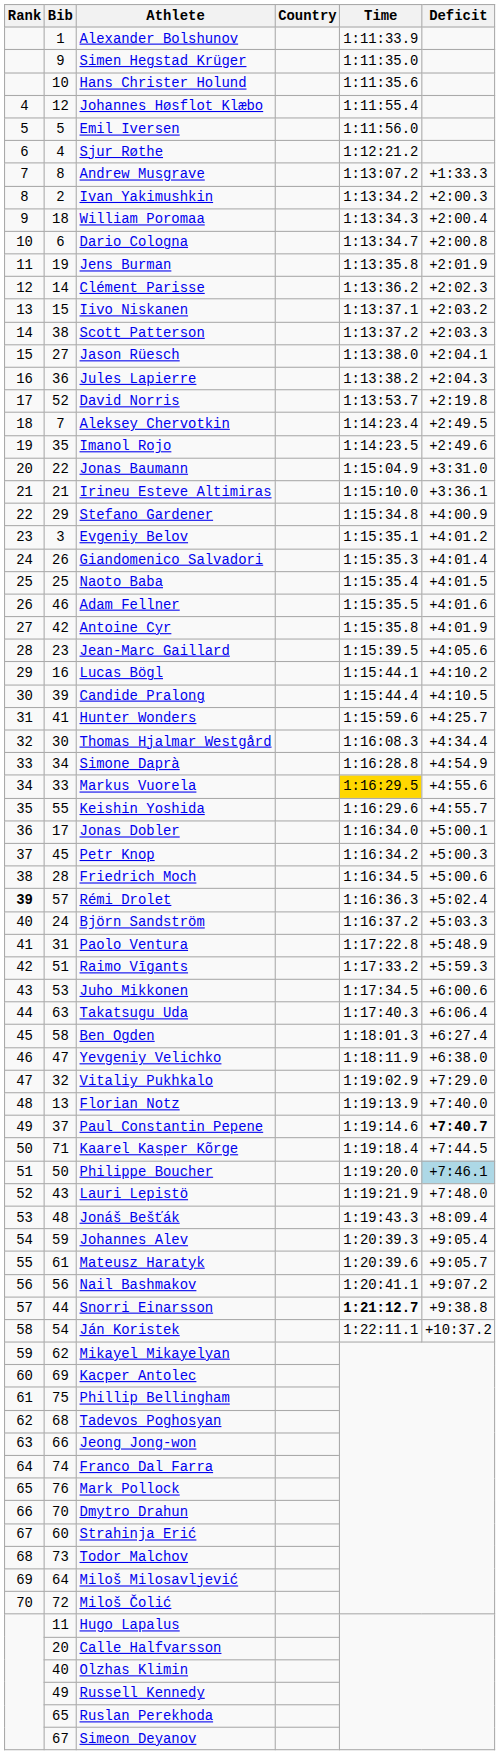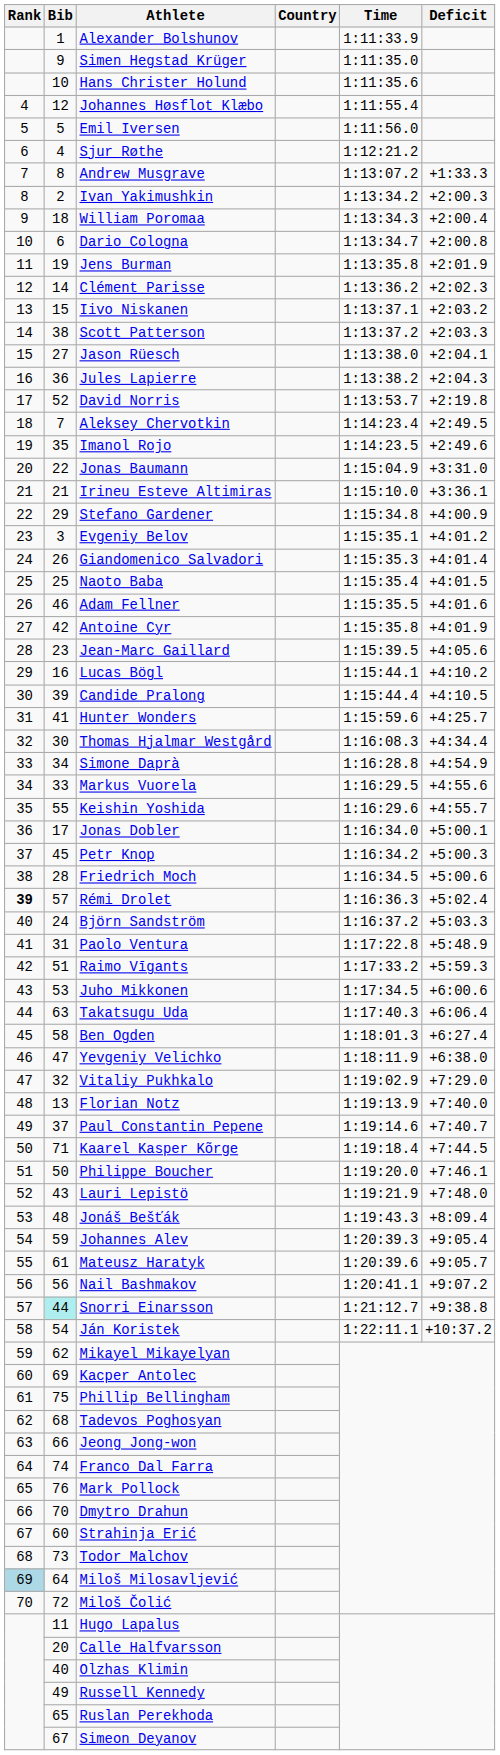 <table class="wikitable sortable" style="text-align:center">
 <tr>
 <th>Rank</th>
 <th>Bib</th>
 <th>Athlete</th>
 <th>Country</th>
 <th>Time</th>
 <th>Deficit</th>
 </tr>
 <tr>
 <td></td>
 <td>1</td>
 <td align=left><a href='#'>Alexander Bolshunov</a></td>
 <td align=left></td>
 <td>1:11:33.9</td>
 <td></td>
 </tr>
 <tr>
 <td></td>
 <td>9</td>
 <td align=left><a href='#'>Simen Hegstad Krüger</a></td>
 <td align=left></td>
 <td>1:11:35.0</td>
 <td></td>
 </tr>
 <tr>
 <td></td>
 <td>10</td>
 <td align=left><a href='#'>Hans Christer Holund</a></td>
 <td align=left></td>
 <td>1:11:35.6</td>
 <td></td>
 </tr>
 <tr>
 <td>4</td>
 <td>12</td>
 <td align=left><a href='#'>Johannes Høsflot Klæbo</a></td>
 <td align=left></td>
 <td>1:11:55.4</td>
 <td></td>
 </tr>
 <tr>
 <td>5</td>
 <td>5</td>
 <td align=left><a href='#'>Emil Iversen</a></td>
 <td align=left></td>
 <td>1:11:56.0</td>
 <td></td>
 </tr>
 <tr>
 <td>6</td>
 <td>4</td>
 <td align=left><a href='#'>Sjur Røthe</a></td>
 <td align=left></td>
 <td>1:12:21.2</td>
 <td></td>
 </tr>
 <tr>
 <td>7</td>
 <td>8</td>
 <td align=left><a href='#'>Andrew Musgrave</a></td>
 <td align=left></td>
 <td>1:13:07.2</td>
 <td>+1:33.3</td>
 </tr>
 <tr>
 <td>8</td>
 <td>2</td>
 <td align=left><a href='#'>Ivan Yakimushkin</a></td>
 <td align=left></td>
 <td>1:13:34.2</td>
 <td>+2:00.3</td>
 </tr>
 <tr>
 <td>9</td>
 <td>18</td>
 <td align=left><a href='#'>William Poromaa</a></td>
 <td align=left></td>
 <td>1:13:34.3</td>
 <td>+2:00.4</td>
 </tr>
 <tr>
 <td>10</td>
 <td>6</td>
 <td align=left><a href='#'>Dario Cologna</a></td>
 <td align=left></td>
 <td>1:13:34.7</td>
 <td>+2:00.8</td>
 </tr>
 <tr>
 <td>11</td>
 <td>19</td>
 <td align=left><a href='#'>Jens Burman</a></td>
 <td align=left></td>
 <td>1:13:35.8</td>
 <td>+2:01.9</td>
 </tr>
 <tr>
 <td>12</td>
 <td>14</td>
 <td align=left><a href='#'>Clément Parisse</a></td>
 <td align=left></td>
 <td>1:13:36.2</td>
 <td>+2:02.3</td>
 </tr>
 <tr>
 <td>13</td>
 <td>15</td>
 <td align=left><a href='#'>Iivo Niskanen</a></td>
 <td align=left></td>
 <td>1:13:37.1</td>
 <td>+2:03.2</td>
 </tr>
 <tr>
 <td>14</td>
 <td>38</td>
 <td align=left><a href='#'>Scott Patterson</a></td>
 <td align=left></td>
 <td>1:13:37.2</td>
 <td>+2:03.3</td>
 </tr>
 <tr>
 <td>15</td>
 <td>27</td>
 <td align=left><a href='#'>Jason Rüesch</a></td>
 <td align=left></td>
 <td>1:13:38.0</td>
 <td>+2:04.1</td>
 </tr>
 <tr>
 <td>16</td>
 <td>36</td>
 <td align=left><a href='#'>Jules Lapierre</a></td>
 <td align=left></td>
 <td>1:13:38.2</td>
 <td>+2:04.3</td>
 </tr>
 <tr>
 <td>17</td>
 <td>52</td>
 <td align=left><a href='#'>David Norris</a></td>
 <td align="left"></td>
 <td>1:13:53.7</td>
 <td>+2:19.8</td>
 </tr>
 <tr>
 <td>18</td>
 <td>7</td>
 <td align=left><a href='#'>Aleksey Chervotkin</a></td>
 <td align=left></td>
 <td>1:14:23.4</td>
 <td>+2:49.5</td>
 </tr>
 <tr>
 <td>19</td>
 <td>35</td>
 <td align=left><a href='#'>Imanol Rojo</a></td>
 <td align=left></td>
 <td>1:14:23.5</td>
 <td>+2:49.6</td>
 </tr>
 <tr>
 <td>20</td>
 <td>22</td>
 <td align=left><a href='#'>Jonas Baumann</a></td>
 <td align=left></td>
 <td>1:15:04.9</td>
 <td>+3:31.0</td>
 </tr>
 <tr>
 <td>21</td>
 <td>21</td>
 <td align=left><a href='#'>Irineu Esteve Altimiras</a></td>
 <td align=left></td>
 <td>1:15:10.0</td>
 <td>+3:36.1</td>
 </tr>
 <tr>
 <td>22</td>
 <td>29</td>
 <td align=left><a href='#'>Stefano Gardener</a></td>
 <td align="left"></td>
 <td>1:15:34.8</td>
 <td>+4:00.9</td>
 </tr>
 <tr>
 <td>23</td>
 <td>3</td>
 <td align=left><a href='#'>Evgeniy Belov</a></td>
 <td align=left></td>
 <td>1:15:35.1</td>
 <td>+4:01.2</td>
 </tr>
 <tr>
 <td>24</td>
 <td>26</td>
 <td align=left><a href='#'>Giandomenico Salvadori</a></td>
 <td align=left></td>
 <td>1:15:35.3</td>
 <td>+4:01.4</td>
 </tr>
 <tr>
 <td>25</td>
 <td>25</td>
 <td align=left><a href='#'>Naoto Baba</a></td>
 <td align=left></td>
 <td>1:15:35.4</td>
 <td>+4:01.5</td>
 </tr>
 <tr>
 <td>26</td>
 <td>46</td>
 <td align=left><a href='#'>Adam Fellner</a></td>
 <td align=left></td>
 <td>1:15:35.5</td>
 <td>+4:01.6</td>
 </tr>
 <tr>
 <td>27</td>
 <td>42</td>
 <td align=left><a href='#'>Antoine Cyr</a></td>
 <td align=left></td>
 <td>1:15:35.8</td>
 <td>+4:01.9</td>
 </tr>
 <tr>
 <td>28</td>
 <td>23</td>
 <td align=left><a href='#'>Jean-Marc Gaillard</a></td>
 <td align=left></td>
 <td>1:15:39.5</td>
 <td>+4:05.6</td>
 </tr>
 <tr>
 <td>29</td>
 <td>16</td>
 <td align=left><a href='#'>Lucas Bögl</a></td>
 <td align=left></td>
 <td>1:15:44.1</td>
 <td>+4:10.2</td>
 </tr>
 <tr>
 <td>30</td>
 <td>39</td>
 <td align=left><a href='#'>Candide Pralong</a></td>
 <td align=left></td>
 <td>1:15:44.4</td>
 <td>+4:10.5</td>
 </tr>
 <tr>
 <td>31</td>
 <td>41</td>
 <td align=left><a href='#'>Hunter Wonders</a></td>
 <td align="left"></td>
 <td>1:15:59.6</td>
 <td>+4:25.7</td>
 </tr>
 <tr>
 <td>32</td>
 <td>30</td>
 <td align=left><a href='#'>Thomas Hjalmar Westgård</a></td>
 <td align=left></td>
 <td>1:16:08.3</td>
 <td>+4:34.4</td>
 </tr>
 <tr>
 <td>33</td>
 <td>34</td>
 <td align=left><a href='#'>Simone Daprà</a></td>
 <td align="left"></td>
 <td>1:16:28.8</td>
 <td>+4:54.9</td>
 </tr>
 <tr>
 <td>34</td>
 <td>33</td>
 <td align=left><a href='#'>Markus Vuorela</a></td>
 <td align="left"></td>
-<td style="background: gold;">1:16:29.5</td>
+<td>1:16:29.5</td>
 <td>+4:55.6</td>
 </tr>
 <tr>
 <td>35</td>
 <td>55</td>
 <td align=left><a href='#'>Keishin Yoshida</a></td>
 <td align=left></td>
 <td>1:16:29.6</td>
 <td>+4:55.7</td>
 </tr>
 <tr>
 <td>36</td>
 <td>17</td>
 <td align=left><a href='#'>Jonas Dobler</a></td>
 <td align=left></td>
 <td>1:16:34.0</td>
 <td>+5:00.1</td>
 </tr>
 <tr>
 <td>37</td>
 <td>45</td>
 <td align=left><a href='#'>Petr Knop</a></td>
 <td align=left></td>
 <td>1:16:34.2</td>
 <td>+5:00.3</td>
 </tr>
 <tr>
 <td>38</td>
 <td>28</td>
 <td align=left><a href='#'>Friedrich Moch</a></td>
 <td align=left></td>
 <td>1:16:34.5</td>
 <td>+5:00.6</td>
 </tr>
 <tr>
 <td><strong>39</strong></td>
 <td>57</td>
 <td align=left><a href='#'>Rémi Drolet</a></td>
 <td align=left></td>
 <td>1:16:36.3</td>
 <td>+5:02.4</td>
 </tr>
 <tr>
 <td>40</td>
 <td>24</td>
 <td align=left><a href='#'>Björn Sandström</a></td>
 <td align="left"></td>
 <td>1:16:37.2</td>
 <td>+5:03.3</td>
 </tr>
 <tr>
 <td>41</td>
 <td>31</td>
 <td align=left><a href='#'>Paolo Ventura</a></td>
 <td align=left></td>
 <td>1:17:22.8</td>
 <td>+5:48.9</td>
 </tr>
 <tr>
 <td>42</td>
 <td>51</td>
 <td align=left><a href='#'>Raimo Vīgants</a></td>
 <td align=left></td>
 <td>1:17:33.2</td>
 <td>+5:59.3</td>
 </tr>
 <tr>
 <td>43</td>
 <td>53</td>
 <td align=left><a href='#'>Juho Mikkonen</a></td>
 <td align=left></td>
 <td>1:17:34.5</td>
 <td>+6:00.6</td>
 </tr>
 <tr>
 <td>44</td>
 <td>63</td>
 <td align=left><a href='#'>Takatsugu Uda</a></td>
 <td align=left></td>
 <td>1:17:40.3</td>
 <td>+6:06.4</td>
 </tr>
 <tr>
 <td>45</td>
 <td>58</td>
 <td align=left><a href='#'>Ben Ogden</a></td>
 <td align=left></td>
 <td>1:18:01.3</td>
 <td>+6:27.4</td>
 </tr>
 <tr>
 <td>46</td>
 <td>47</td>
 <td align=left><a href='#'>Yevgeniy Velichko</a></td>
 <td align=left></td>
 <td>1:18:11.9</td>
 <td>+6:38.0</td>
 </tr>
 <tr>
 <td>47</td>
 <td>32</td>
 <td align=left><a href='#'>Vitaliy Pukhkalo</a></td>
 <td align=left></td>
 <td>1:19:02.9</td>
 <td>+7:29.0</td>
 </tr>
 <tr>
 <td>48</td>
 <td>13</td>
 <td align=left><a href='#'>Florian Notz</a></td>
 <td align=left></td>
 <td>1:19:13.9</td>
 <td>+7:40.0</td>
 </tr>
 <tr>
 <td>49</td>
 <td>37</td>
 <td align=left><a href='#'>Paul Constantin Pepene</a></td>
 <td align=left></td>
 <td>1:19:14.6</td>
-<td><strong>+7:40.7</strong></td>
+<td>+7:40.7</td>
 </tr>
 <tr>
 <td>50</td>
 <td>71</td>
 <td align=left><a href='#'>Kaarel Kasper Kõrge</a></td>
 <td align="left"></td>
 <td>1:19:18.4</td>
 <td>+7:44.5</td>
 </tr>
 <tr>
 <td>51</td>
 <td>50</td>
 <td align=left><a href='#'>Philippe Boucher</a></td>
 <td align="left"></td>
 <td>1:19:20.0</td>
-<td style="background: lightblue;">+7:46.1</td>
+<td>+7:46.1</td>
 </tr>
 <tr>
 <td>52</td>
 <td>43</td>
 <td align=left><a href='#'>Lauri Lepistö</a></td>
 <td align="left"></td>
 <td>1:19:21.9</td>
 <td>+7:48.0</td>
 </tr>
 <tr>
 <td>53</td>
 <td>48</td>
 <td align=left><a href='#'>Jonáš Bešťák</a></td>
 <td align="left"></td>
 <td>1:19:43.3</td>
 <td>+8:09.4</td>
 </tr>
 <tr>
 <td>54</td>
 <td>59</td>
 <td align=left><a href='#'>Johannes Alev</a></td>
 <td align="left"></td>
 <td>1:20:39.3</td>
 <td>+9:05.4</td>
 </tr>
 <tr>
 <td>55</td>
 <td>61</td>
 <td align=left><a href='#'>Mateusz Haratyk</a></td>
 <td align=left></td>
 <td>1:20:39.6</td>
 <td>+9:05.7</td>
 </tr>
 <tr>
 <td>56</td>
 <td>56</td>
 <td align=left><a href='#'>Nail Bashmakov</a></td>
 <td align="left"></td>
 <td>1:20:41.1</td>
 <td>+9:07.2</td>
 </tr>
 <tr>
 <td>57</td>
-<td>44</td>
+<td style="background: paleturquoise;">44</td>
 <td align=left><a href='#'>Snorri Einarsson</a></td>
 <td align=left></td>
-<td><strong>1:21:12.7</strong></td>
+<td>1:21:12.7</td>
 <td>+9:38.8</td>
 </tr>
 <tr>
 <td>58</td>
 <td>54</td>
 <td align=left><a href='#'>Ján Koristek</a></td>
 <td align=left></td>
 <td>1:22:11.1</td>
 <td>+10:37.2</td>
 </tr>
 <tr>
 <td>59</td>
 <td>62</td>
 <td align=left><a href='#'>Mikayel Mikayelyan</a></td>
 <td align=left></td>
 <td colspan=2 rowspan=12></td>
 </tr>
 <tr>
 <td>60</td>
 <td>69</td>
 <td align=left><a href='#'>Kacper Antolec</a></td>
 <td align="left"></td>
 </tr>
 <tr>
 <td>61</td>
 <td>75</td>
 <td align=left><a href='#'>Phillip Bellingham</a></td>
 <td align=left></td>
 </tr>
 <tr>
 <td>62</td>
 <td>68</td>
 <td align=left><a href='#'>Tadevos Poghosyan</a></td>
 <td align="left"></td>
 </tr>
 <tr>
 <td>63</td>
 <td>66</td>
 <td align=left><a href='#'>Jeong Jong-won</a></td>
 <td align="left"></td>
 </tr>
 <tr>
 <td>64</td>
 <td>74</td>
 <td align=left><a href='#'>Franco Dal Farra</a></td>
 <td align="left"></td>
 </tr>
 <tr>
 <td>65</td>
 <td>76</td>
 <td align=left><a href='#'>Mark Pollock</a></td>
 <td align="left"></td>
 </tr>
 <tr>
 <td>66</td>
 <td>70</td>
 <td align=left><a href='#'>Dmytro Drahun</a></td>
 <td align="left"></td>
 </tr>
 <tr>
 <td>67</td>
 <td>60</td>
 <td align=left><a href='#'>Strahinja Erić</a></td>
 <td align="left"></td>
 </tr>
 <tr>
 <td>68</td>
 <td>73</td>
 <td align=left><a href='#'>Todor Malchov</a></td>
 <td align="left"></td>
 </tr>
 <tr>
-<td>69</td>
+<td style="background: lightblue;">69</td>
 <td>64</td>
 <td align=left><a href='#'>Miloš Milosavljević</a></td>
 <td align="left"></td>
 </tr>
 <tr>
 <td>70</td>
 <td>72</td>
 <td align=left><a href='#'>Miloš Čolić</a></td>
 <td align="left"></td>
 </tr>
 <tr>
 <td rowspan=6></td>
 <td>11</td>
 <td align=left><a href='#'>Hugo Lapalus</a></td>
 <td align=left></td>
 <td colspan=2 rowspan=6></td>
 </tr>
 <tr>
 <td>20</td>
 <td align=left><a href='#'>Calle Halfvarsson</a></td>
 <td align=left></td>
 </tr>
 <tr>
 <td>40</td>
 <td align=left><a href='#'>Olzhas Klimin</a></td>
 <td align="left"></td>
 </tr>
 <tr>
 <td>49</td>
 <td align=left><a href='#'>Russell Kennedy</a></td>
 <td align=left></td>
 </tr>
 <tr>
 <td>65</td>
 <td align=left><a href='#'>Ruslan Perekhoda</a></td>
 <td align=left></td>
 </tr>
 <tr>
 <td>67</td>
 <td align=left><a href='#'>Simeon Deyanov</a></td>
 <td align="left"></td>
 </tr>
 </table>
